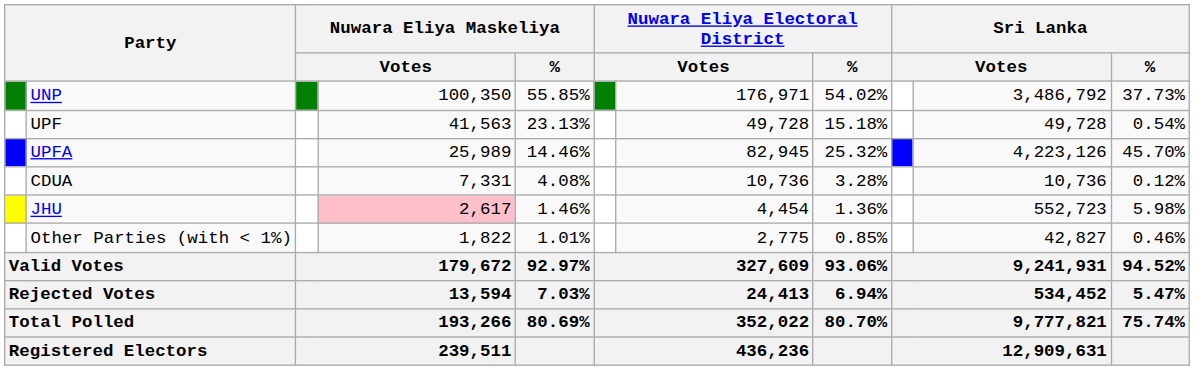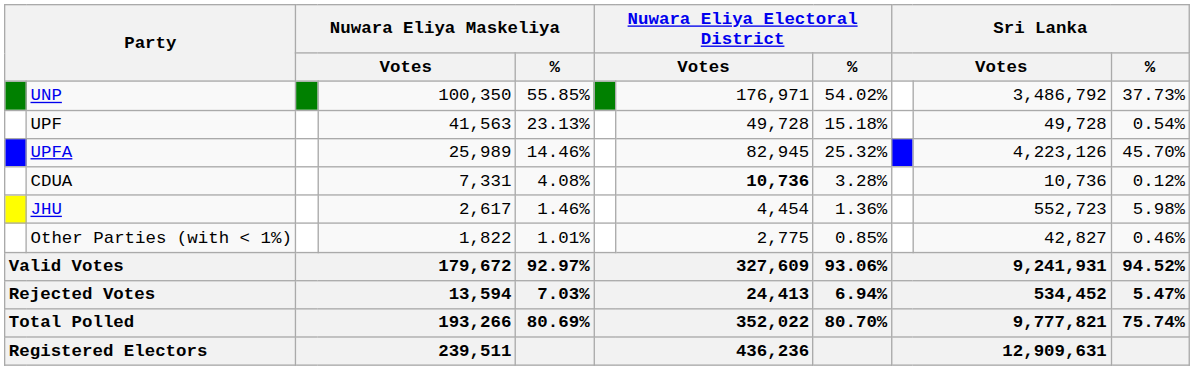 <table class="wikitable">
 <tr>
 <th colspan="2" width="144px"rowspan="2">Party</th>
 <th colspan="3" width="216px">Nuwara Eliya Maskeliya</th>
 <th colspan="3" width="216px"><a href='#'>Nuwara Eliya Electoral District</a></th>
 <th colspan="3" width="216px">Sri Lanka</th>
 </tr>
 <tr>
 <th colspan="2" width="144px">Votes</th>
 <th>%</th>
 <th colspan="2" width="144px">Votes</th>
 <th>%</th>
 <th colspan="2" width="144px">Votes</th>
 <th>%</th>
 </tr>
 <tr>
 <td style="background-color:green;" width="10px"></td>
 <td style="text-align:left;"><a href='#'>UNP</a></td>
 <td style="background-color:green;" width="10px"></td>
 <td style="text-align:right;">100,350</td>
 <td style="text-align:right;">55.85%</td>
 <td style="background-color:green;" width="10px"></td>
 <td style="text-align:right;">176,971</td>
 <td style="text-align:right;">54.02%</td>
 <td style="background-color:white;" width="10px"></td>
 <td style="text-align:right;">3,486,792</td>
 <td style="text-align:right;">37.73%</td>
 </tr>
 <tr>
 <td style="background-color:white;" width="10px"></td>
 <td style="text-align:left;">UPF</td>
 <td style="background-color:white;" width="10px"></td>
 <td style="text-align:right;">41,563</td>
 <td style="text-align:right;">23.13%</td>
 <td style="background-color:white;" width="10px"></td>
 <td style="text-align:right;">49,728</td>
 <td style="text-align:right;">15.18%</td>
 <td style="background-color:white;" width="10px"></td>
 <td style="text-align:right;">49,728</td>
 <td style="text-align:right;">0.54%</td>
 </tr>
 <tr>
 <td style="background-color:blue;" width="10px"></td>
 <td style="text-align:left;"><a href='#'>UPFA</a></td>
 <td style="background-color:white;" width="10px"></td>
 <td style="text-align:right;">25,989</td>
 <td style="text-align:right;">14.46%</td>
 <td style="background-color:white;" width="10px"></td>
 <td style="text-align:right;">82,945</td>
 <td style="text-align:right;">25.32%</td>
 <td style="background-color:blue;" width="10px"></td>
 <td style="text-align:right;">4,223,126</td>
 <td style="text-align:right;">45.70%</td>
 </tr>
 <tr>
 <td style="background-color:white;" width="10px"></td>
 <td style="text-align:left;">CDUA</td>
 <td style="background-color:white;" width="10px"></td>
 <td style="text-align:right;">7,331</td>
 <td style="text-align:right;">4.08%</td>
 <td style="background-color:white;" width="10px"></td>
-<td style="text-align:right;">10,736</td>
+<td style="text-align:right;"><strong>10,736</strong></td>
 <td style="text-align:right;">3.28%</td>
 <td style="background-color:white;" width="10px"></td>
 <td style="text-align:right;">10,736</td>
 <td style="text-align:right;">0.12%</td>
 </tr>
 <tr>
 <td style="background-color:yellow;" width="10px"></td>
 <td style="text-align:left;"><a href='#'>JHU</a></td>
 <td style="background-color:white;" width="10px"></td>
-<td style="background: pink; text-align:right;">2,617</td>
+<td style="text-align:right;">2,617</td>
 <td style="text-align:right;">1.46%</td>
 <td style="background-color:white;" width="10px"></td>
 <td style="text-align:right;">4,454</td>
 <td style="text-align:right;">1.36%</td>
 <td style="background-color:white;" width="10px"></td>
 <td style="text-align:right;">552,723</td>
 <td style="text-align:right;">5.98%</td>
 </tr>
 <tr>
 <td style="background-color:white;" width="10px"></td>
 <td style="text-align:left;">Other Parties (with < 1%)</td>
 <td style="background-color:white;" width="10px"></td>
 <td style="text-align:right;">1,822</td>
 <td style="text-align:right;">1.01%</td>
 <td style="background-color:white;" width="10px"></td>
 <td style="text-align:right;">2,775</td>
 <td style="text-align:right;">0.85%</td>
 <td style="background-color:white;" width="10px"></td>
 <td style="text-align:right;">42,827</td>
 <td style="text-align:right;">0.46%</td>
 </tr>
 <tr>
 <th colspan="2" width="144px"style="text-align:left;">Valid Votes</th>
 <th style="text-align:right;"colspan="2" width="144px">179,672</th>
 <th style="text-align:right;">92.97%</th>
 <th style="text-align:right;"colspan="2" width="144px">327,609</th>
 <th style="text-align:right;">93.06%</th>
 <th style="text-align:right;"colspan="2" width="144px">9,241,931</th>
 <th style="text-align:right;">94.52%</th>
 </tr>
 <tr>
 <th colspan="2" width="144px"style="text-align:left;">Rejected Votes</th>
 <th style="text-align:right;"colspan="2" width="144px">13,594</th>
 <th style="text-align:right;">7.03%</th>
 <th style="text-align:right;"colspan="2" width="144px">24,413</th>
 <th style="text-align:right;">6.94%</th>
 <th style="text-align:right;"colspan="2" width="144px">534,452</th>
 <th style="text-align:right;">5.47%</th>
 </tr>
 <tr>
 <th colspan="2" width="144px"style="text-align:left;">Total Polled</th>
 <th style="text-align:right;"colspan="2" width="144px">193,266</th>
 <th style="text-align:right;">80.69%</th>
 <th style="text-align:right;"colspan="2" width="144px">352,022</th>
 <th style="text-align:right;">80.70%</th>
 <th style="text-align:right;"colspan="2" width="144px">9,777,821</th>
 <th style="text-align:right;">75.74%</th>
 </tr>
 <tr>
 <th colspan="2" width="144px"style="text-align:left;">Registered Electors</th>
 <th style="text-align:right;"colspan="2" width="144px">239,511</th>
 <th></th>
 <th style="text-align:right;"colspan="2" width="144px">436,236</th>
 <th></th>
 <th style="text-align:right;"colspan="2" width="144px">12,909,631</th>
 <th></th>
 </tr>
 </table>
